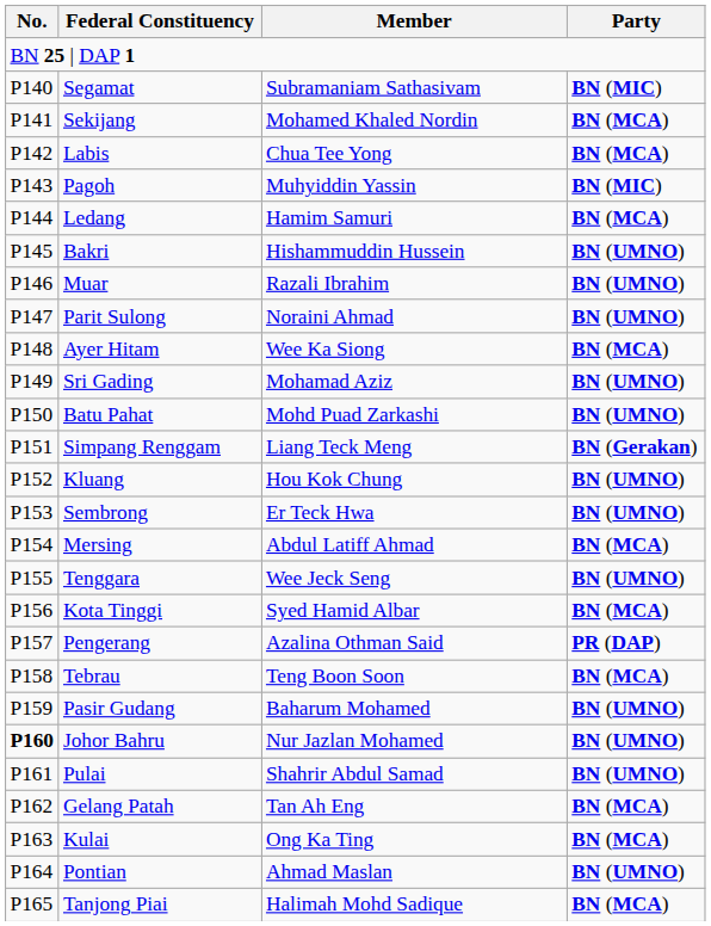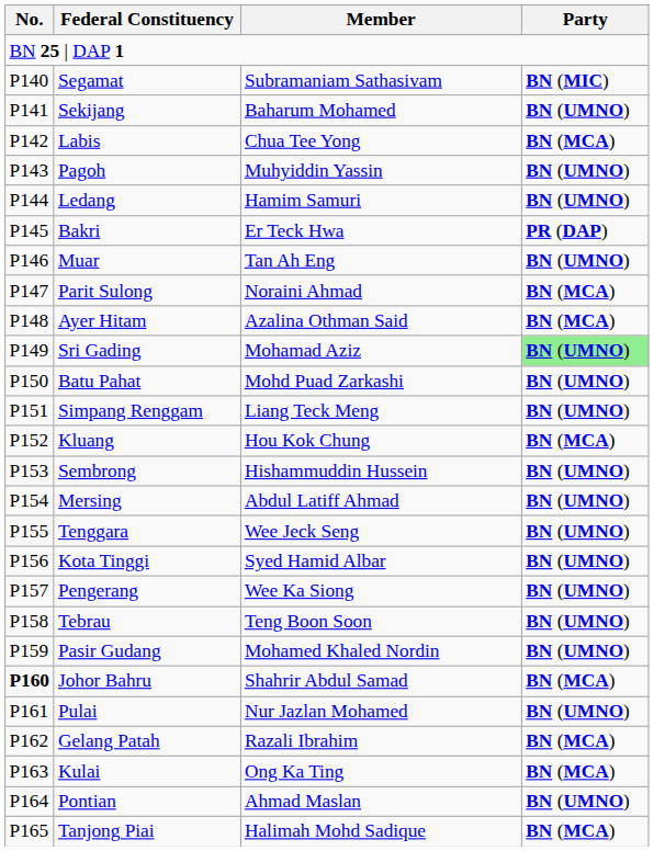 <table class ="wikitable sortable">
 <tr>
 <th style="width:30px;">No.</th>
 <th style="width:150px;">Federal Constituency</th>
 <th style="width:230px;">Member</th>
 <th style="width:100px;">Party</th>
 </tr>
 <tr>
 <td colspan="4"><a href='#'>BN</a> <strong>25</strong> | <a href='#'>DAP</a> <strong>1</strong></td>
 </tr>
 <tr>
 <td>P140</td>
 <td><a href='#'>Segamat</a></td>
 <td><a href='#'>Subramaniam Sathasivam</a></td>
 <td><strong><a href='#'>BN</a></strong> (<strong><a href='#'>MIC</a></strong>)</td>
 </tr>
 <tr>
 <td>P141</td>
 <td><a href='#'>Sekijang</a></td>
-<td><a href='#'>Mohamed Khaled Nordin</a></td>
-<td><strong><a href='#'>BN</a></strong> (<strong><a href='#'>MCA</a></strong>)</td>
+<td><a href='#'>Baharum Mohamed</a></td>
+<td><strong><a href='#'>BN</a></strong> (<strong><a href='#'>UMNO</a></strong>)</td>
 </tr>
 <tr>
 <td>P142</td>
 <td><a href='#'>Labis</a></td>
 <td><a href='#'>Chua Tee Yong</a></td>
 <td><strong><a href='#'>BN</a></strong> (<strong><a href='#'>MCA</a></strong>)</td>
 </tr>
 <tr>
 <td>P143</td>
 <td><a href='#'>Pagoh</a></td>
 <td><a href='#'>Muhyiddin Yassin</a></td>
-<td><strong><a href='#'>BN</a></strong> (<strong><a href='#'>MIC</a></strong>)</td>
+<td><strong><a href='#'>BN</a></strong> (<strong><a href='#'>UMNO</a></strong>)</td>
 </tr>
 <tr>
 <td>P144</td>
 <td><a href='#'>Ledang</a></td>
 <td><a href='#'>Hamim Samuri</a></td>
-<td><strong><a href='#'>BN</a></strong> (<strong><a href='#'>MCA</a></strong>)</td>
+<td><strong><a href='#'>BN</a></strong> (<strong><a href='#'>UMNO</a></strong>)</td>
 </tr>
 <tr>
 <td>P145</td>
 <td><a href='#'>Bakri</a></td>
-<td><a href='#'>Hishammuddin Hussein</a></td>
-<td><strong><a href='#'>BN</a></strong> (<strong><a href='#'>UMNO</a></strong>)</td>
+<td><a href='#'>Er Teck Hwa</a></td>
+<td><strong><a href='#'>PR</a></strong> (<strong><a href='#'>DAP</a></strong>)</td>
 </tr>
 <tr>
 <td>P146</td>
 <td><a href='#'>Muar</a></td>
-<td><a href='#'>Razali Ibrahim</a></td>
+<td><a href='#'>Tan Ah Eng</a></td>
 <td><strong><a href='#'>BN</a></strong> (<strong><a href='#'>UMNO</a></strong>)</td>
 </tr>
 <tr>
 <td>P147</td>
 <td><a href='#'>Parit Sulong</a></td>
 <td><a href='#'>Noraini Ahmad</a></td>
-<td><strong><a href='#'>BN</a></strong> (<strong><a href='#'>UMNO</a></strong>)</td>
+<td><strong><a href='#'>BN</a></strong> (<strong><a href='#'>MCA</a></strong>)</td>
 </tr>
 <tr>
 <td>P148</td>
 <td><a href='#'>Ayer Hitam</a></td>
-<td><a href='#'>Wee Ka Siong</a></td>
+<td><a href='#'>Azalina Othman Said</a></td>
 <td><strong><a href='#'>BN</a></strong> (<strong><a href='#'>MCA</a></strong>)</td>
 </tr>
 <tr>
 <td>P149</td>
 <td><a href='#'>Sri Gading</a></td>
 <td><a href='#'>Mohamad Aziz</a></td>
-<td><strong><a href='#'>BN</a></strong> (<strong><a href='#'>UMNO</a></strong>)</td>
+<td style="background: lightgreen;"><strong><a href='#'>BN</a></strong> (<strong><a href='#'>UMNO</a></strong>)</td>
 </tr>
 <tr>
 <td>P150</td>
 <td><a href='#'>Batu Pahat</a></td>
 <td><a href='#'>Mohd Puad Zarkashi</a></td>
 <td><strong><a href='#'>BN</a></strong> (<strong><a href='#'>UMNO</a></strong>)</td>
 </tr>
 <tr>
 <td>P151</td>
 <td><a href='#'>Simpang Renggam</a></td>
 <td><a href='#'>Liang Teck Meng</a></td>
-<td><strong><a href='#'>BN</a></strong> (<strong><a href='#'>Gerakan</a></strong>)</td>
+<td><strong><a href='#'>BN</a></strong> (<strong><a href='#'>UMNO</a></strong>)</td>
 </tr>
 <tr>
 <td>P152</td>
 <td><a href='#'>Kluang</a></td>
 <td><a href='#'>Hou Kok Chung</a></td>
-<td><strong><a href='#'>BN</a></strong> (<strong><a href='#'>UMNO</a></strong>)</td>
+<td><strong><a href='#'>BN</a></strong> (<strong><a href='#'>MCA</a></strong>)</td>
 </tr>
 <tr>
 <td>P153</td>
 <td><a href='#'>Sembrong</a></td>
-<td><a href='#'>Er Teck Hwa</a></td>
+<td><a href='#'>Hishammuddin Hussein</a></td>
 <td><strong><a href='#'>BN</a></strong> (<strong><a href='#'>UMNO</a></strong>)</td>
 </tr>
 <tr>
 <td>P154</td>
 <td><a href='#'>Mersing</a></td>
 <td><a href='#'>Abdul Latiff Ahmad</a></td>
-<td><strong><a href='#'>BN</a></strong> (<strong><a href='#'>MCA</a></strong>)</td>
+<td><strong><a href='#'>BN</a></strong> (<strong><a href='#'>UMNO</a></strong>)</td>
 </tr>
 <tr>
 <td>P155</td>
 <td><a href='#'>Tenggara</a></td>
 <td><a href='#'>Wee Jeck Seng</a></td>
 <td><strong><a href='#'>BN</a></strong> (<strong><a href='#'>UMNO</a></strong>)</td>
 </tr>
 <tr>
 <td>P156</td>
 <td><a href='#'>Kota Tinggi</a></td>
 <td><a href='#'>Syed Hamid Albar</a></td>
-<td><strong><a href='#'>BN</a></strong> (<strong><a href='#'>MCA</a></strong>)</td>
+<td><strong><a href='#'>BN</a></strong> (<strong><a href='#'>UMNO</a></strong>)</td>
 </tr>
 <tr>
 <td>P157</td>
 <td><a href='#'>Pengerang</a></td>
-<td><a href='#'>Azalina Othman Said</a></td>
-<td><strong><a href='#'>PR</a></strong> (<strong><a href='#'>DAP</a></strong>)</td>
+<td><a href='#'>Wee Ka Siong</a></td>
+<td><strong><a href='#'>BN</a></strong> (<strong><a href='#'>UMNO</a></strong>)</td>
 </tr>
 <tr>
 <td>P158</td>
 <td><a href='#'>Tebrau</a></td>
 <td><a href='#'>Teng Boon Soon</a></td>
-<td><strong><a href='#'>BN</a></strong> (<strong><a href='#'>MCA</a></strong>)</td>
+<td><strong><a href='#'>BN</a></strong> (<strong><a href='#'>UMNO</a></strong>)</td>
 </tr>
 <tr>
 <td>P159</td>
 <td><a href='#'>Pasir Gudang</a></td>
-<td><a href='#'>Baharum Mohamed</a></td>
+<td><a href='#'>Mohamed Khaled Nordin</a></td>
 <td><strong><a href='#'>BN</a></strong> (<strong><a href='#'>UMNO</a></strong>)</td>
 </tr>
 <tr>
 <td><strong>P160</strong></td>
 <td><a href='#'>Johor Bahru</a></td>
-<td><a href='#'>Nur Jazlan Mohamed</a></td>
-<td><strong><a href='#'>BN</a></strong> (<strong><a href='#'>UMNO</a></strong>)</td>
+<td><a href='#'>Shahrir Abdul Samad</a></td>
+<td><strong><a href='#'>BN</a></strong> (<strong><a href='#'>MCA</a></strong>)</td>
 </tr>
 <tr>
 <td>P161</td>
 <td><a href='#'>Pulai</a></td>
-<td><a href='#'>Shahrir Abdul Samad</a></td>
+<td><a href='#'>Nur Jazlan Mohamed</a></td>
 <td><strong><a href='#'>BN</a></strong> (<strong><a href='#'>UMNO</a></strong>)</td>
 </tr>
 <tr>
 <td>P162</td>
 <td><a href='#'>Gelang Patah</a></td>
-<td><a href='#'>Tan Ah Eng</a></td>
+<td><a href='#'>Razali Ibrahim</a></td>
 <td><strong><a href='#'>BN</a></strong> (<strong><a href='#'>MCA</a></strong>)</td>
 </tr>
 <tr>
 <td>P163</td>
 <td><a href='#'>Kulai</a></td>
 <td><a href='#'>Ong Ka Ting</a></td>
 <td><strong><a href='#'>BN</a></strong> (<strong><a href='#'>MCA</a></strong>)</td>
 </tr>
 <tr>
 <td>P164</td>
 <td><a href='#'>Pontian</a></td>
 <td><a href='#'>Ahmad Maslan</a></td>
 <td><strong><a href='#'>BN</a></strong> (<strong><a href='#'>UMNO</a></strong>)</td>
 </tr>
 <tr>
 <td>P165</td>
 <td><a href='#'>Tanjong Piai</a></td>
 <td><a href='#'>Halimah Mohd Sadique</a></td>
 <td><strong><a href='#'>BN</a></strong> (<strong><a href='#'>MCA</a></strong>)</td>
 </tr>
 </table>
